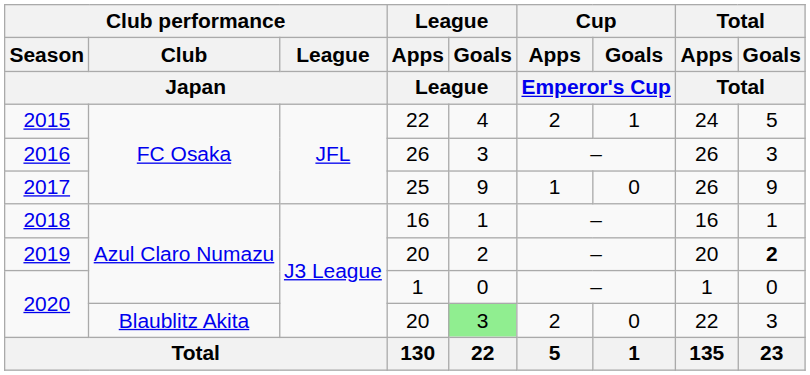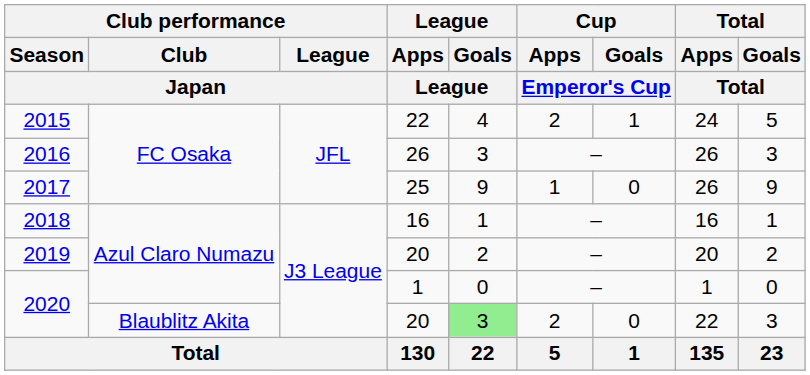 <table class="wikitable" style="text-align:center;">
 <tr>
 <th colspan=3>Club performance</th>
 <th colspan=2>League</th>
 <th colspan=2>Cup</th>
 <th colspan=2>Total</th>
 </tr>
 <tr>
 <th>Season</th>
 <th>Club</th>
 <th>League</th>
 <th>Apps</th>
 <th>Goals</th>
 <th>Apps</th>
 <th>Goals</th>
 <th>Apps</th>
 <th>Goals</th>
 </tr>
 <tr>
 <th colspan=3>Japan</th>
 <th colspan=2>League</th>
 <th colspan=2><a href='#'>Emperor's Cup</a></th>
 <th colspan=2>Total</th>
 </tr>
 <tr>
 <td><a href='#'>2015</a></td>
 <td rowspan="3"><a href='#'>FC Osaka</a></td>
 <td rowspan="3"><a href='#'>JFL</a></td>
 <td>22</td>
 <td>4</td>
 <td>2</td>
 <td>1</td>
 <td>24</td>
 <td>5</td>
 </tr>
 <tr>
 <td><a href='#'>2016</a></td>
 <td>26</td>
 <td>3</td>
 <td colspan="2">–</td>
 <td>26</td>
 <td>3</td>
 </tr>
 <tr>
 <td><a href='#'>2017</a></td>
 <td>25</td>
 <td>9</td>
 <td>1</td>
 <td>0</td>
 <td>26</td>
 <td>9</td>
 </tr>
 <tr>
 <td><a href='#'>2018</a></td>
 <td rowspan="3"><a href='#'>Azul Claro Numazu</a></td>
 <td rowspan="4"><a href='#'>J3 League</a></td>
 <td>16</td>
 <td>1</td>
 <td colspan="2">–</td>
 <td>16</td>
 <td>1</td>
 </tr>
 <tr>
 <td><a href='#'>2019</a></td>
 <td>20</td>
 <td>2</td>
 <td colspan="2">–</td>
 <td>20</td>
-<td><strong>2</strong></td>
+<td>2</td>
 </tr>
 <tr>
 <td rowspan="2"><a href='#'>2020</a></td>
 <td>1</td>
 <td>0</td>
 <td colspan="2">–</td>
 <td>1</td>
 <td>0</td>
 </tr>
 <tr>
 <td><a href='#'>Blaublitz Akita</a></td>
 <td>20</td>
 <td style="background: lightgreen;">3</td>
 <td>2</td>
 <td>0</td>
 <td>22</td>
 <td>3</td>
 </tr>
 <tr>
 <th colspan=3>Total</th>
 <th>130</th>
 <th>22</th>
 <th>5</th>
 <th>1</th>
 <th>135</th>
 <th>23</th>
 </tr>
 </table>
